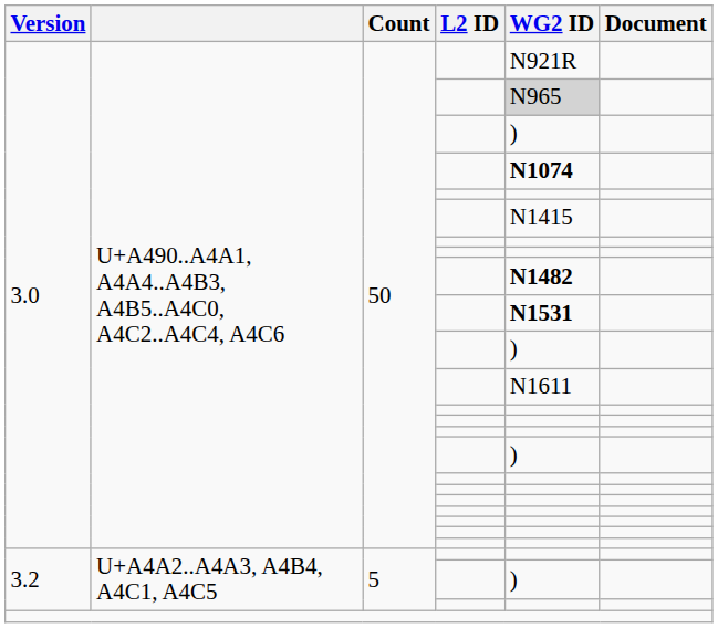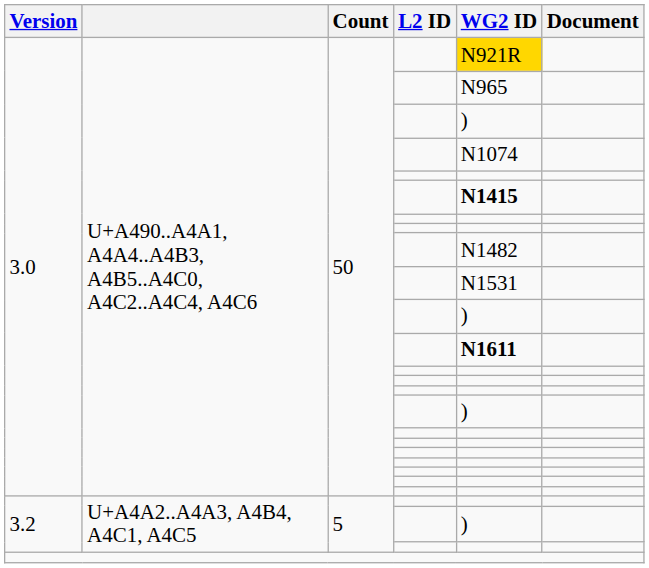 <table class="wikitable collapsible sticky-header">
 <tr>
 <th><a href='#'>Version</a></th>
 <th></th>
 <th>Count</th>
 <th><a href='#'>L2</a> ID</th>
 <th><a href='#'>WG2</a> ID</th>
 <th>Document</th>
 </tr>
 <tr>
 <td rowspan="23">3.0</td>
 <td rowspan="23" width="180">U+A490..A4A1, A4A4..A4B3, A4B5..A4C0, A4C2..A4C4, A4C6</td>
 <td rowspan="23">50</td>
 <td></td>
-<td>N921R</td>
+<td style="background: gold;">N921R</td>
 <td></td>
 </tr>
 <tr>
 <td></td>
-<td style="background: lightgrey;">N965</td>
+<td>N965</td>
 <td></td>
 </tr>
 <tr>
 <td></td>
 <td> )</td>
 <td></td>
 </tr>
 <tr>
 <td></td>
-<td><strong>N1074</strong></td>
+<td>N1074</td>
 <td></td>
 </tr>
 <tr>
 <td></td>
 <td></td>
 <td></td>
 </tr>
 <tr>
 <td></td>
-<td>N1415</td>
+<td><strong>N1415</strong></td>
 <td></td>
 </tr>
 <tr>
 <td></td>
 <td></td>
 <td></td>
 </tr>
 <tr>
 <td></td>
 <td></td>
 <td></td>
 </tr>
 <tr>
 <td></td>
-<td><strong>N1482</strong></td>
+<td>N1482</td>
 <td></td>
 </tr>
 <tr>
 <td></td>
-<td><strong>N1531</strong></td>
+<td>N1531</td>
 <td></td>
 </tr>
 <tr>
 <td></td>
 <td> )</td>
 <td></td>
 </tr>
 <tr>
 <td></td>
-<td>N1611</td>
+<td><strong>N1611</strong></td>
 <td></td>
 </tr>
 <tr>
 <td></td>
 <td></td>
 <td></td>
 </tr>
 <tr>
 <td></td>
 <td></td>
 <td></td>
 </tr>
 <tr>
 <td></td>
 <td></td>
 <td></td>
 </tr>
 <tr>
 <td></td>
 <td> )</td>
 <td></td>
 </tr>
 <tr>
 <td></td>
 <td></td>
 <td></td>
 </tr>
 <tr>
 <td></td>
 <td></td>
 <td></td>
 </tr>
 <tr>
 <td></td>
 <td></td>
 <td></td>
 </tr>
 <tr>
 <td></td>
 <td></td>
 <td></td>
 </tr>
 <tr>
 <td></td>
 <td></td>
 <td></td>
 </tr>
 <tr>
 <td></td>
 <td></td>
 <td></td>
 </tr>
 <tr>
 <td></td>
 <td></td>
 <td></td>
 </tr>
 <tr>
 <td rowspan="3">3.2</td>
 <td rowspan="3">U+A4A2..A4A3, A4B4, A4C1, A4C5</td>
 <td rowspan="3">5</td>
 <td></td>
 <td></td>
 <td></td>
 </tr>
 <tr>
 <td></td>
 <td> )</td>
 <td></td>
 </tr>
 <tr>
 <td></td>
 <td></td>
 <td></td>
 </tr>
 <tr class="sortbottom">
 <td colspan="6"></td>
 </tr>
 </table>
